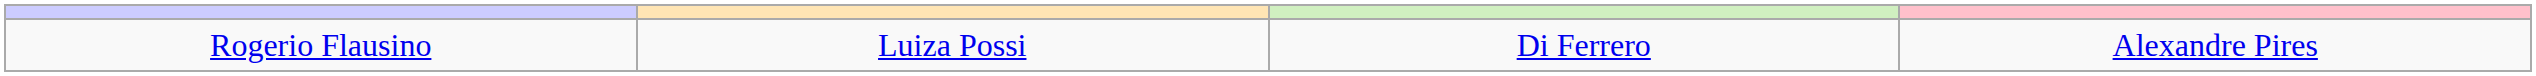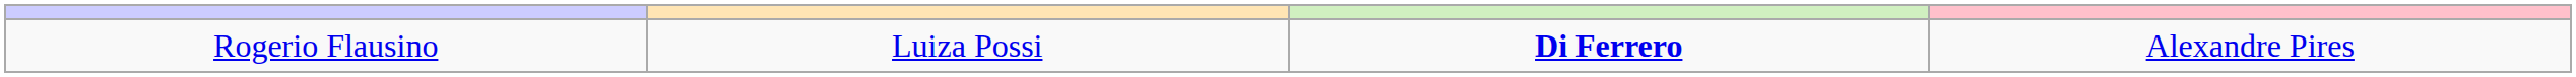 <table class="wikitable"  style="text-align:center; font-size:100%; width:100%;">
 <tr>
 <td scope="col" width="25%" bgcolor=CCCCFF><strong></strong></td>
 <td scope="col" width="25%" bgcolor=FFE5B4><strong></strong></td>
 <td scope="col" width="25%" bgcolor=D0F0C0><strong></strong></td>
 <td scope="col" width="25%" bgcolor=FFC0CB><strong></strong></td>
 </tr>
 <tr>
 <td><a href='#'>Rogerio Flausino</a></td>
 <td><a href='#'>Luiza Possi</a></td>
-<td><a href='#'>Di Ferrero</a></td>
+<td><strong><a href='#'>Di Ferrero</a></strong></td>
 <td><a href='#'>Alexandre Pires</a></td>
 </tr>
 <tr>
 </tr>
 </table>
